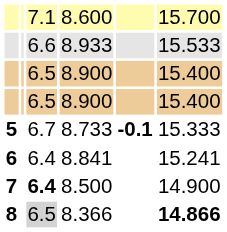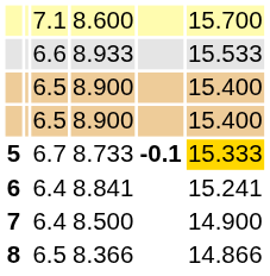 <table>
 <tr style="background: #fffcaf">
 <th scope=row style="text-align:center"></th>
 <td align=left></td>
 <td>7.1</td>
 <td>8.600</td>
 <td></td>
 <td>15.700</td>
 </tr>
 <tr style="background: #e5e5e5">
 <th scope=row style="text-align:center"></th>
 <td align=left></td>
 <td>6.6</td>
 <td>8.933</td>
 <td></td>
 <td>15.533</td>
 </tr>
 <tr style="background: #eecc99">
 <th scope=row style="text-align:center"></th>
 <td align=left></td>
 <td>6.5</td>
 <td>8.900</td>
 <td></td>
 <td>15.400</td>
 </tr>
 <tr style="background: #eecc99">
 <th scope=row style="text-align:center"></th>
 <td align=left></td>
 <td>6.5</td>
 <td>8.900</td>
 <td></td>
 <td>15.400</td>
 </tr>
 <tr>
 <th scope=row style="text-align:center">5</th>
 <td align=left></td>
 <td>6.7</td>
 <td>8.733</td>
 <td><strong>-0.1</strong></td>
-<td>15.333</td>
+<td style="background: gold;">15.333</td>
 </tr>
 <tr>
 <th scope=row style="text-align:center">6</th>
 <td align=left></td>
 <td>6.4</td>
 <td>8.841</td>
 <td></td>
 <td>15.241</td>
 </tr>
 <tr>
 <th scope=row style="text-align:center">7</th>
 <td align=left></td>
-<td><strong>6.4</strong></td>
+<td>6.4</td>
 <td>8.500</td>
 <td></td>
 <td>14.900</td>
 </tr>
 <tr>
 <th scope=row style="text-align:center">8</th>
 <td align=left></td>
-<td style="background: lightgrey;">6.5</td>
+<td>6.5</td>
 <td>8.366</td>
 <td></td>
-<td><strong>14.866</strong></td>
+<td>14.866</td>
 </tr>
 <tr>
 </tr>
 </table>
